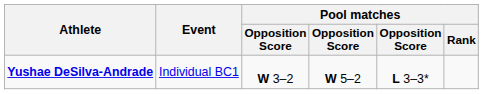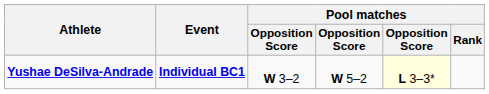 <table class=wikitable style="font-size:90%">
 <tr>
 <th rowspan="2">Athlete</th>
 <th rowspan="2">Event</th>
 <th colspan="4">Pool matches</th>
 </tr>
 <tr style="font-size:95%">
 <th>Opposition<br>Score</th>
 <th>Opposition<br>Score</th>
 <th>Opposition<br>Score</th>
 <th>Rank</th>
 </tr>
 <tr align=center>
 <td align=left><strong><a href='#'>Yushae DeSilva-Andrade</a></strong></td>
-<td align=left><a href='#'>Individual BC1</a></td>
+<td align=left><strong><a href='#'>Individual BC1</a></strong></td>
 <td><br><strong>W</strong> 3–2</td>
 <td><br><strong>W</strong> 5–2</td>
-<td><br><strong>L</strong> 3–3*</td>
+<td style="background: lightyellow;"><br><strong>L</strong> 3–3*</td>
 <td></td>
 </tr>
 </table>
